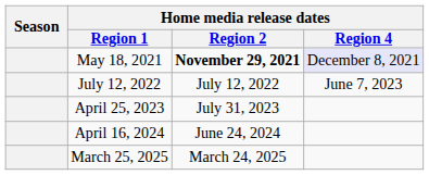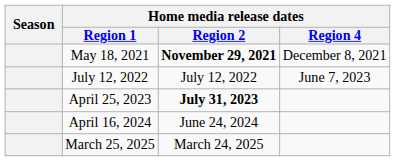 <table class="wikitable plainrowheaders"  style="float:right; text-align:center; margin:10px;">
 <tr>
 <th scope="col" style="padding:0 8px;" rowspan="2">Season</th>
 <th scope="col" colspan="3">Home media release dates</th>
 </tr>
 <tr>
 <th scope="col" style="padding: 0 8px"><a href='#'>Region 1</a></th>
 <th scope="col" style="padding: 0 8px"><a href='#'>Region 2</a></th>
 <th scope="col" style="padding: 0 8px"><a href='#'>Region 4</a></th>
 </tr>
 <tr>
 <th></th>
 <td>May 18, 2021</td>
 <td><strong>November 29, 2021</strong></td>
-<td style="background: lavender;">December 8, 2021</td>
+<td>December 8, 2021</td>
 </tr>
 <tr>
 <th></th>
 <td>July 12, 2022</td>
 <td>July 12, 2022</td>
 <td>June 7, 2023</td>
 </tr>
 <tr>
 <th></th>
 <td>April 25, 2023</td>
-<td>July 31, 2023</td>
+<td><strong>July 31, 2023</strong></td>
 <td></td>
 </tr>
 <tr>
 <th></th>
 <td>April 16, 2024</td>
 <td>June 24, 2024</td>
 <td></td>
 </tr>
 <tr>
 <th></th>
 <td>March 25, 2025</td>
 <td>March 24, 2025</td>
 <td></td>
 </tr>
 </table>
